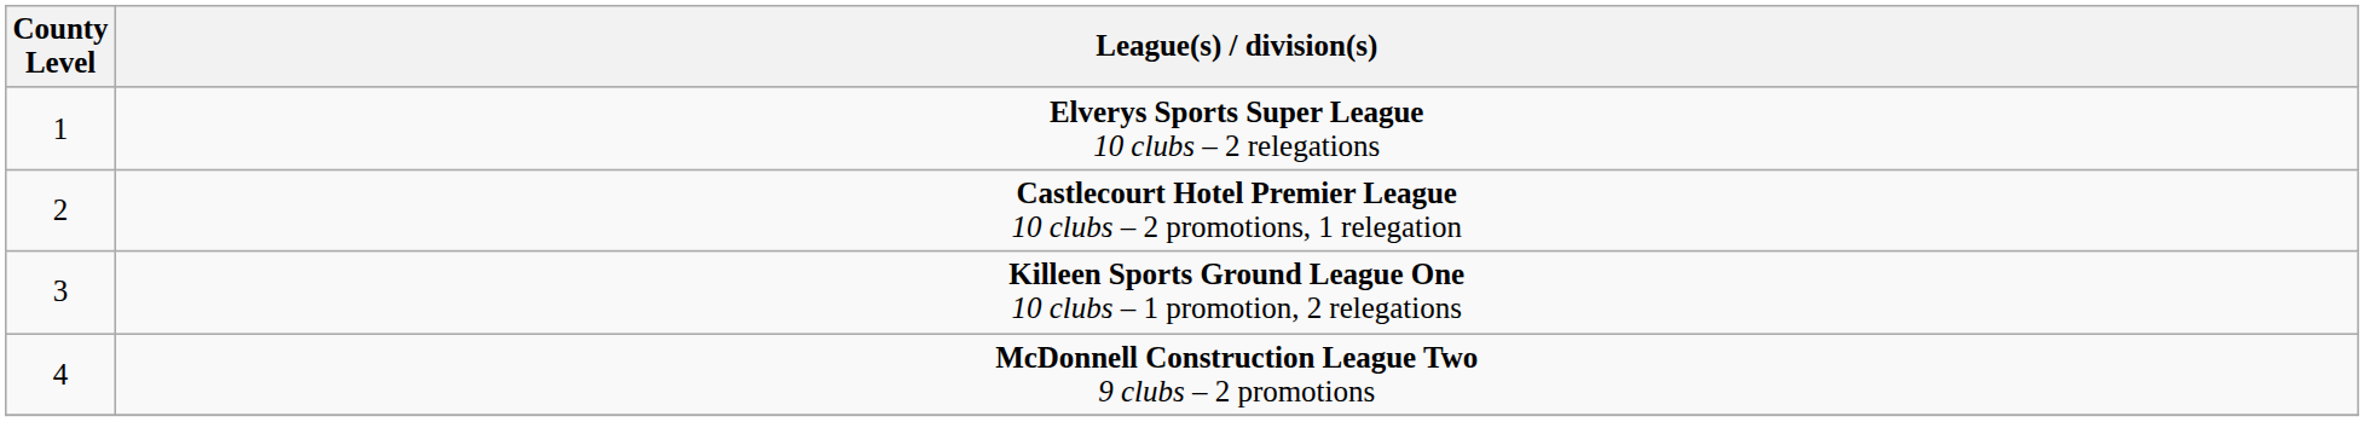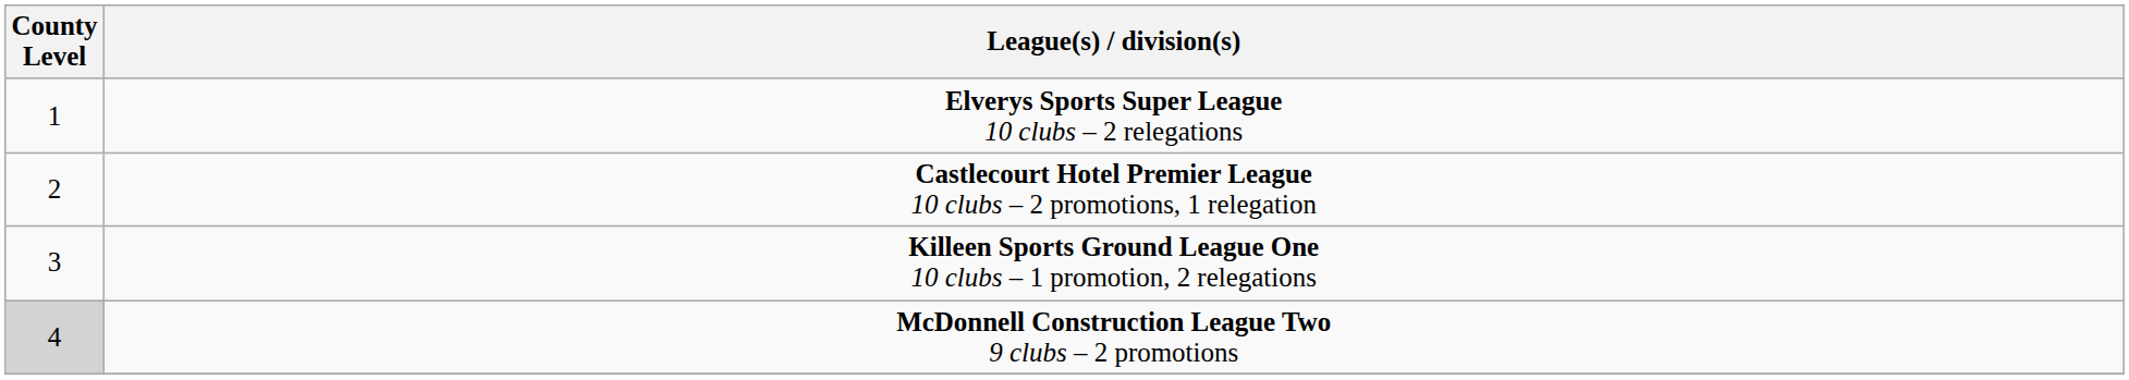 <table class="wikitable" style="text-align: center;">
 <tr>
 <th colspan="1" width="4%">County Level</th>
 <th>League(s) / division(s)</th>
 </tr>
 <tr>
 <td>1</td>
 <td><strong>Elverys Sports Super League</strong><br><em>10 clubs</em> – 2 relegations</td>
 </tr>
 <tr>
 <td>2</td>
 <td><strong>Castlecourt Hotel Premier League</strong><br><em>10 clubs</em> – 2 promotions, 1 relegation</td>
 </tr>
 <tr>
 <td>3</td>
 <td><strong>Killeen Sports Ground League One</strong><br><em>10 clubs</em> – 1 promotion, 2 relegations</td>
 </tr>
 <tr>
-<td>4</td>
+<td style="background: lightgrey;">4</td>
 <td><strong>McDonnell Construction League Two</strong><br><em>9 clubs</em> – 2 promotions</td>
 </tr>
 <tr>
 </tr>
 </table>
